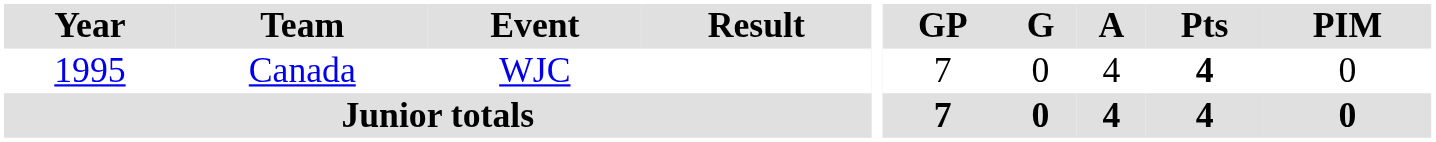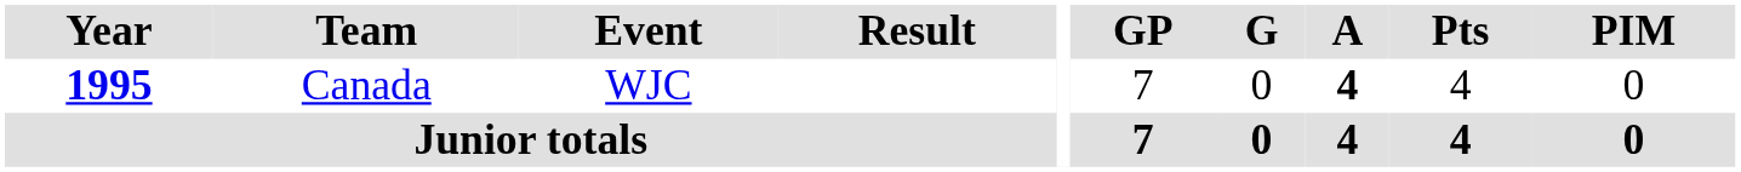 <table border="0" cellpadding="1" cellspacing="0" ID="Table3" style="text-align:center; width:40em">
 <tr ALIGN="center" bgcolor="#e0e0e0">
 <th>Year</th>
 <th>Team</th>
 <th>Event</th>
 <th>Result</th>
 <th rowspan="99" bgcolor="#ffffff"></th>
 <th>GP</th>
 <th>G</th>
 <th>A</th>
 <th>Pts</th>
 <th>PIM</th>
 </tr>
 <tr>
-<td><a href='#'>1995</a></td>
+<td><strong><a href='#'>1995</a></strong></td>
 <td><a href='#'>Canada</a></td>
 <td><a href='#'>WJC</a></td>
 <td></td>
 <td>7</td>
 <td>0</td>
+<td><strong>4</strong></td>
 <td>4</td>
-<td><strong>4</strong></td>
 <td>0</td>
 </tr>
 <tr bgcolor="#e0e0e0">
 <th colspan="4">Junior totals</th>
 <th>7</th>
 <th>0</th>
 <th>4</th>
 <th>4</th>
 <th>0</th>
 </tr>
 </table>
